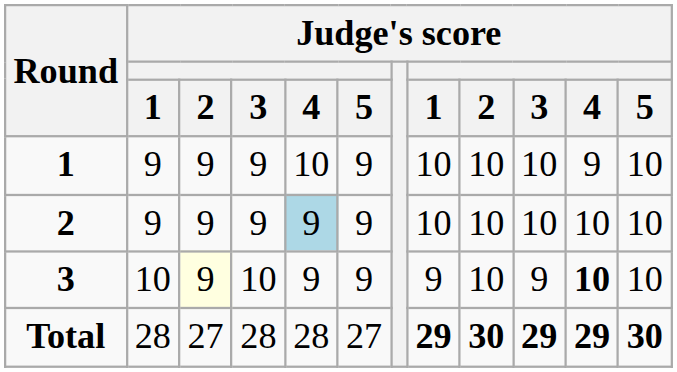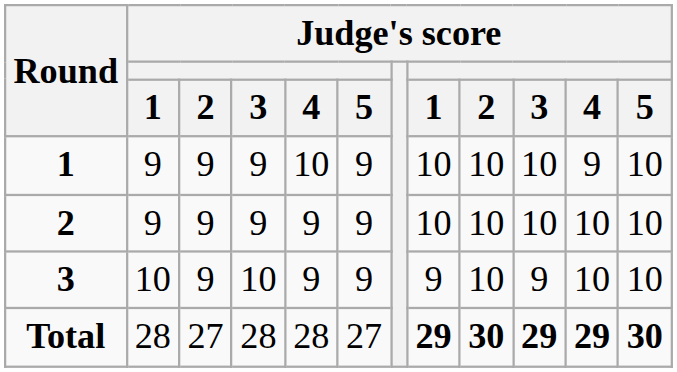 <table class="wikitable" style="text-align:center;">
 <tr>
 <th rowspan="3">Round</th>
 <th colspan="11">Judge's score</th>
 </tr>
 <tr>
 <th colspan="5"></th>
 <th rowspan="6"></th>
 <th colspan="5"></th>
 </tr>
 <tr>
 <th>1</th>
 <th>2</th>
 <th>3</th>
 <th>4</th>
 <th>5</th>
 <th>1</th>
 <th>2</th>
 <th>3</th>
 <th>4</th>
 <th>5</th>
 </tr>
 <tr>
 <td><strong>1</strong></td>
 <td>9</td>
 <td>9</td>
 <td>9</td>
 <td>10</td>
 <td>9</td>
 <td>10</td>
 <td>10</td>
 <td>10</td>
 <td>9</td>
 <td>10</td>
 </tr>
 <tr>
 <td><strong>2</strong></td>
 <td>9</td>
 <td>9</td>
 <td>9</td>
-<td style="background: lightblue;">9</td>
+<td>9</td>
 <td>9</td>
 <td>10</td>
 <td>10</td>
 <td>10</td>
 <td>10</td>
 <td>10</td>
 </tr>
 <tr>
 <td><strong>3</strong></td>
 <td>10</td>
-<td style="background: lightyellow;">9</td>
+<td>9</td>
 <td>10</td>
 <td>9</td>
 <td>9</td>
 <td>9</td>
 <td>10</td>
 <td>9</td>
-<td><strong>10</strong></td>
+<td>10</td>
 <td>10</td>
 </tr>
 <tr>
 <td><strong>Total</strong></td>
 <td>28</td>
 <td>27</td>
 <td>28</td>
 <td>28</td>
 <td>27</td>
 <td><strong>29</strong></td>
 <td><strong>30</strong></td>
 <td><strong>29</strong></td>
 <td><strong>29</strong></td>
 <td><strong>30</strong></td>
 </tr>
 </table>
